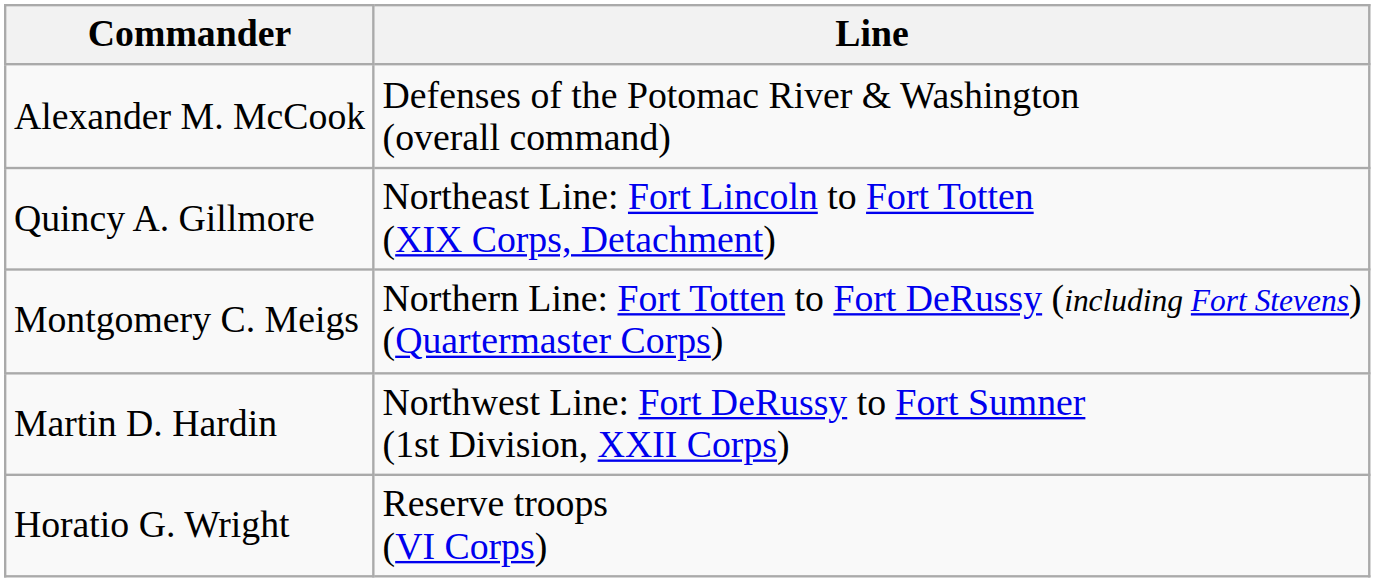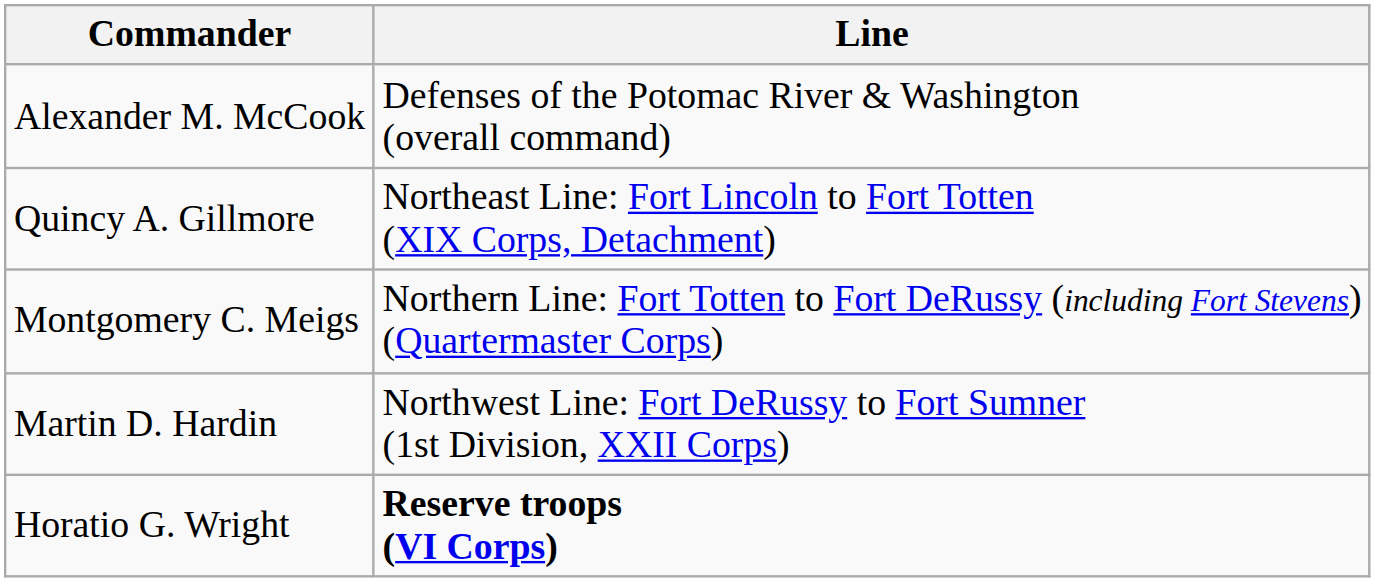 <table class="wikitable">
 <tr>
 <th>Commander</th>
 <th>Line</th>
 </tr>
 <tr>
 <td>Alexander M. McCook</td>
 <td>Defenses of the Potomac River & Washington<br>(overall command)</td>
 </tr>
 <tr>
 <td>Quincy A. Gillmore</td>
 <td>Northeast Line: <a href='#'>Fort Lincoln</a> to <a href='#'>Fort Totten</a><br>(<a href='#'>XIX Corps, Detachment</a>)</td>
 </tr>
 <tr>
 <td>Montgomery C. Meigs</td>
 <td>Northern Line: <a href='#'>Fort Totten</a> to <a href='#'>Fort DeRussy</a> (<small><em>including <a href='#'>Fort Stevens</a></em></small>)<br>(<a href='#'>Quartermaster Corps</a>)</td>
 </tr>
 <tr>
 <td>Martin D. Hardin</td>
 <td>Northwest Line: <a href='#'>Fort DeRussy</a> to <a href='#'>Fort Sumner</a><br>(1st Division, <a href='#'>XXII Corps</a>)</td>
 </tr>
 <tr>
 <td>Horatio G. Wright</td>
-<td>Reserve troops<br>(<a href='#'>VI Corps</a>)</td>
+<td><strong>Reserve troops<br>(<a href='#'>VI Corps</a>)</strong></td>
 </tr>
 </table>
